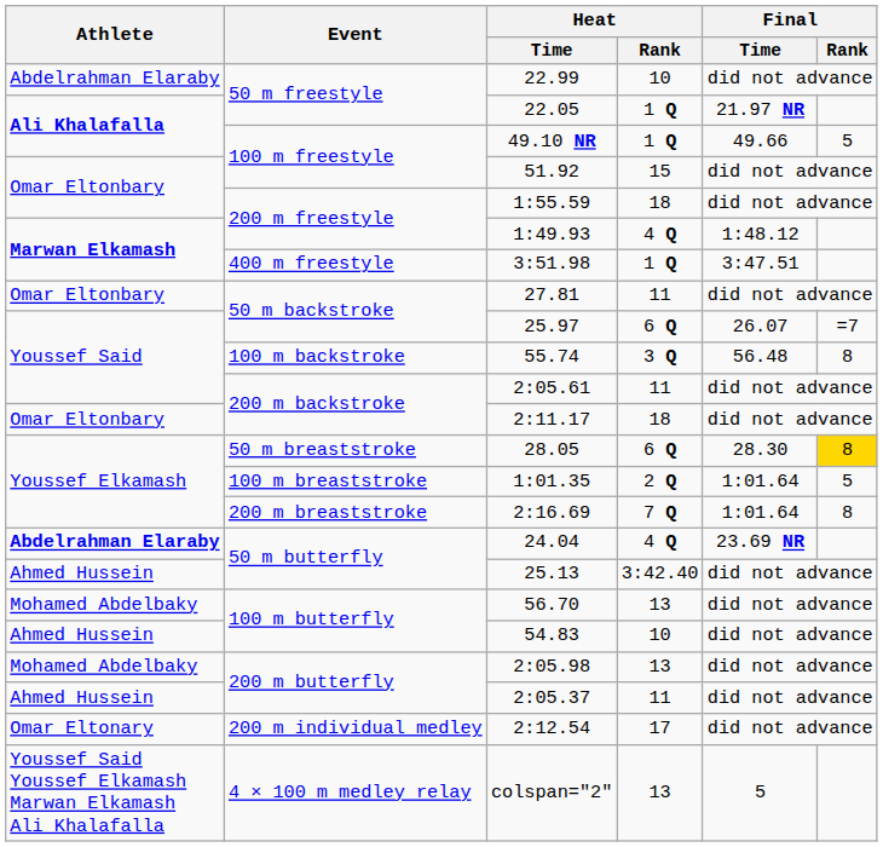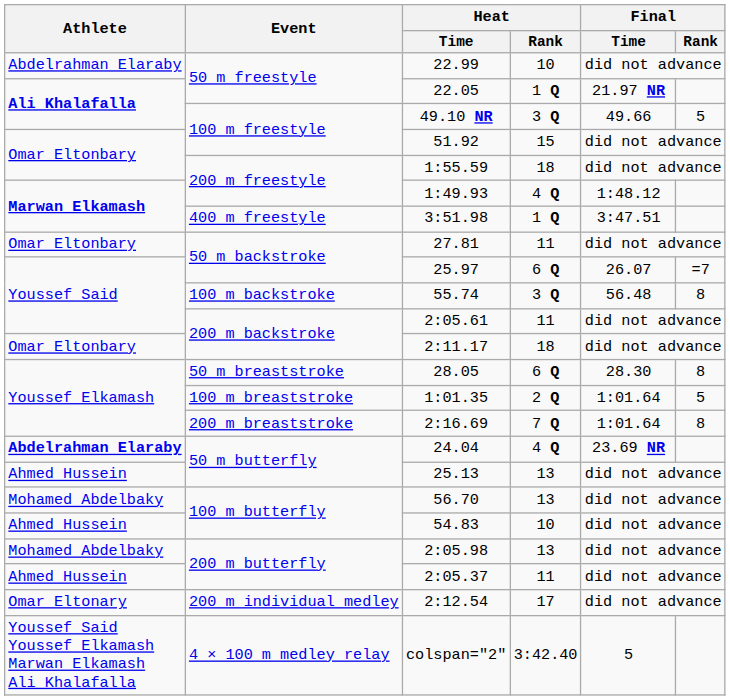 <table class=wikitable style="font-size:90%">
 <tr>
 <th rowspan="2">Athlete</th>
 <th rowspan="2">Event</th>
 <th colspan="2">Heat</th>
 <th colspan="2">Final</th>
 </tr>
 <tr style="font-size:95%">
 <th>Time</th>
 <th>Rank</th>
 <th>Time</th>
 <th>Rank</th>
 </tr>
 <tr align=center>
 <td align=left><a href='#'>Abdelrahman Elaraby</a></td>
 <td align=left rowspan="2"><a href='#'>50 m freestyle</a></td>
 <td>22.99</td>
 <td>10</td>
 <td colspan="2">did not advance</td>
 </tr>
 <tr align=center>
 <td align=left rowspan="2"><strong><a href='#'>Ali Khalafalla</a></strong></td>
 <td>22.05</td>
 <td>1 <strong>Q</strong></td>
 <td>21.97 <strong><a href='#'>NR</a></strong></td>
 <td></td>
 </tr>
 <tr align=center>
 <td align=left rowspan="2"><a href='#'>100 m freestyle</a></td>
 <td>49.10 <strong><a href='#'>NR</a></strong></td>
-<td>1 <strong>Q</strong></td>
+<td>3 <strong>Q</strong></td>
 <td>49.66</td>
 <td>5</td>
 </tr>
 <tr align=center>
 <td align=left rowspan="2"><a href='#'>Omar Eltonbary</a></td>
 <td>51.92</td>
 <td>15</td>
 <td colspan="2">did not advance</td>
 </tr>
 <tr align=center>
 <td align=left rowspan="2"><a href='#'>200 m freestyle</a></td>
 <td>1:55.59</td>
 <td>18</td>
 <td colspan="2">did not advance</td>
 </tr>
 <tr align=center>
 <td align=left rowspan="2"><strong><a href='#'>Marwan Elkamash</a></strong></td>
 <td>1:49.93</td>
 <td>4 <strong>Q</strong></td>
 <td>1:48.12</td>
 <td></td>
 </tr>
 <tr align=center>
 <td align=left><a href='#'>400 m freestyle</a></td>
 <td>3:51.98</td>
 <td>1 <strong>Q</strong></td>
 <td>3:47.51</td>
 <td></td>
 </tr>
 <tr align=center>
 <td align=left><a href='#'>Omar Eltonbary</a></td>
 <td align=left rowspan="2"><a href='#'>50 m backstroke</a></td>
 <td>27.81</td>
 <td>11</td>
 <td colspan="2">did not advance</td>
 </tr>
 <tr align=center>
 <td align=left rowspan="3"><a href='#'>Youssef Said</a></td>
 <td>25.97</td>
 <td>6 <strong>Q</strong></td>
 <td>26.07</td>
 <td>=7</td>
 </tr>
 <tr align=center>
 <td align=left><a href='#'>100 m backstroke</a></td>
 <td>55.74</td>
 <td>3 <strong>Q</strong></td>
 <td>56.48</td>
 <td>8</td>
 </tr>
 <tr align=center>
 <td align=left rowspan="2"><a href='#'>200 m backstroke</a></td>
 <td>2:05.61</td>
 <td>11</td>
 <td colspan="2">did not advance</td>
 </tr>
 <tr align=center>
 <td align=left><a href='#'>Omar Eltonbary</a></td>
 <td>2:11.17</td>
 <td>18</td>
 <td colspan="2">did not advance</td>
 </tr>
 <tr align=center>
 <td align=left rowspan="3"><a href='#'>Youssef Elkamash</a></td>
 <td align=left><a href='#'>50 m breaststroke</a></td>
 <td>28.05</td>
 <td>6 <strong>Q</strong></td>
 <td>28.30</td>
-<td style="background: gold;">8</td>
+<td>8</td>
 </tr>
 <tr align=center>
 <td align=left><a href='#'>100 m breaststroke</a></td>
 <td>1:01.35</td>
 <td>2 <strong>Q</strong></td>
 <td>1:01.64</td>
 <td>5</td>
 </tr>
 <tr align=center>
 <td align=left><a href='#'>200 m breaststroke</a></td>
 <td>2:16.69</td>
 <td>7 <strong>Q</strong></td>
 <td>1:01.64</td>
 <td>8</td>
 </tr>
 <tr align=center>
 <td align=left><strong><a href='#'>Abdelrahman Elaraby</a></strong></td>
 <td align=left rowspan="2"><a href='#'>50 m butterfly</a></td>
 <td>24.04</td>
 <td>4 <strong>Q</strong></td>
 <td>23.69 <strong><a href='#'>NR</a></strong></td>
 <td></td>
 </tr>
 <tr align=center>
 <td align=left><a href='#'>Ahmed Hussein</a></td>
 <td>25.13</td>
-<td>3:42.40</td>
+<td>13</td>
 <td colspan="2">did not advance</td>
 </tr>
 <tr align=center>
 <td align=left><a href='#'>Mohamed Abdelbaky</a></td>
 <td align=left rowspan="2"><a href='#'>100 m butterfly</a></td>
 <td>56.70</td>
 <td>13</td>
 <td colspan="2">did not advance</td>
 </tr>
 <tr align=center>
 <td align=left><a href='#'>Ahmed Hussein</a></td>
 <td>54.83</td>
 <td>10</td>
 <td colspan="2">did not advance</td>
 </tr>
 <tr align=center>
 <td align=left><a href='#'>Mohamed Abdelbaky</a></td>
 <td align=left rowspan="2"><a href='#'>200 m butterfly</a></td>
 <td>2:05.98</td>
 <td>13</td>
 <td colspan="2">did not advance</td>
 </tr>
 <tr align=center>
 <td align=left><a href='#'>Ahmed Hussein</a></td>
 <td>2:05.37</td>
 <td>11</td>
 <td colspan="2">did not advance</td>
 </tr>
 <tr align=center>
 <td align=left><a href='#'>Omar Eltonary</a></td>
 <td align=left><a href='#'>200 m individual medley</a></td>
 <td>2:12.54</td>
 <td>17</td>
 <td colspan="2">did not advance</td>
 </tr>
 <tr align=center>
 <td align=left><a href='#'>Youssef Said</a><br><a href='#'>Youssef Elkamash</a><br><a href='#'>Marwan Elkamash</a><br><a href='#'>Ali Khalafalla</a></td>
 <td align=left><a href='#'>4 × 100 m medley relay</a></td>
 <td>colspan="2" </td>
-<td>13</td>
+<td>3:42.40</td>
 <td>5</td>
 </tr>
 </table>
